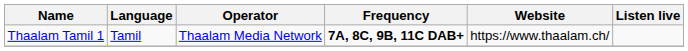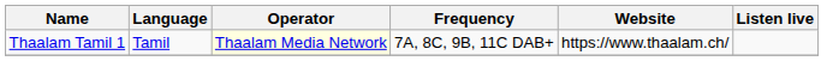 <table class="wikitable" style="font-size:85%;">
 <tr>
 <th>Name</th>
 <th>Language</th>
 <th>Operator</th>
 <th>Frequency</th>
 <th>Website</th>
 <th>Listen live</th>
 </tr>
 <tr>
 <td><a href='#'>Thaalam Tamil 1</a></td>
 <td><a href='#'>Tamil</a></td>
-<td><a href='#'>Thaalam Media Network</a></td>
-<td><strong>7A, 8C, 9B, 11C DAB+</strong></td>
+<td style="background: lightyellow;"><a href='#'>Thaalam Media Network</a></td>
+<td>7A, 8C, 9B, 11C DAB+</td>
 <td>https://www.thaalam.ch/</td>
 <td></td>
 </tr>
 <tr>
 </tr>
 </table>
